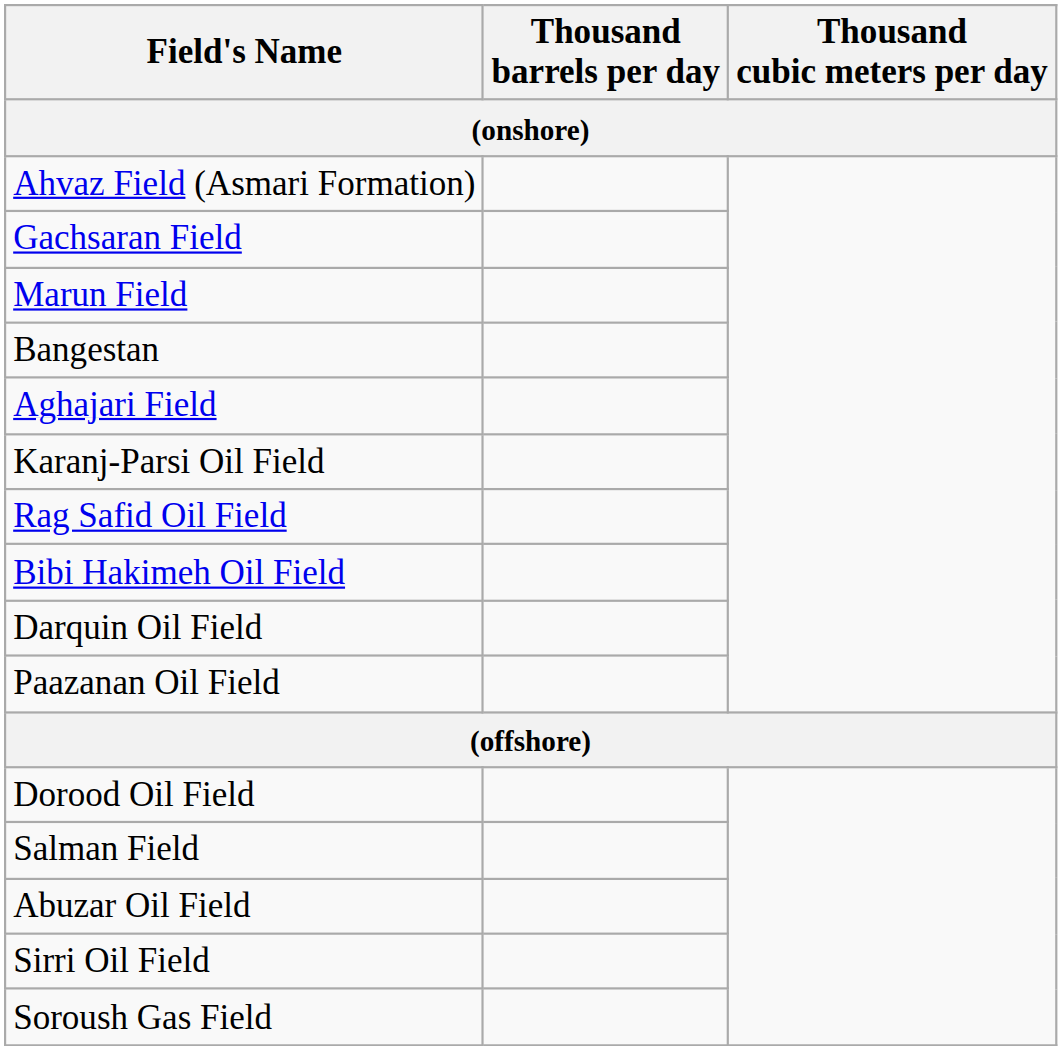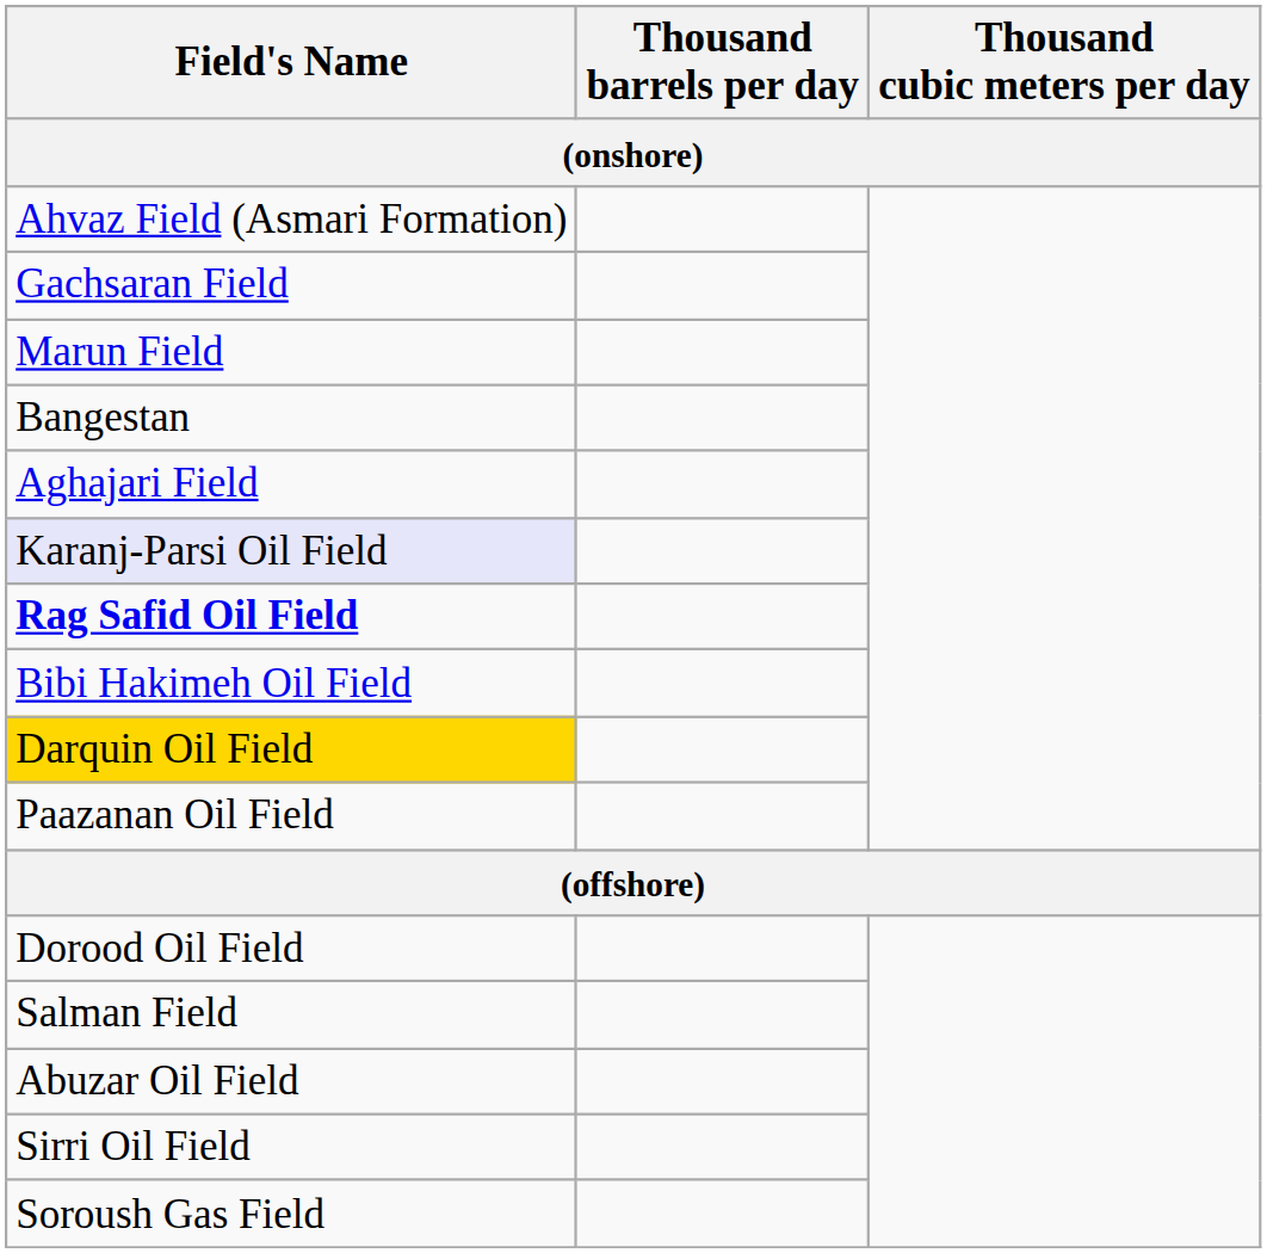 <table class="wikitable">
 <tr>
 <th>Field's Name</th>
 <th>Thousand<br>barrels per day</th>
 <th>Thousand<br>cubic meters per day</th>
 </tr>
 <tr>
 <th colspan=3><small>(onshore)</small></th>
 </tr>
 <tr>
 <td><a href='#'>Ahvaz Field</a> (Asmari Formation)</td>
 <td></td>
 </tr>
 <tr>
 <td><a href='#'>Gachsaran Field</a></td>
 <td></td>
 </tr>
 <tr>
 <td><a href='#'>Marun Field</a></td>
 <td></td>
 </tr>
 <tr>
 <td>Bangestan</td>
 <td></td>
 </tr>
 <tr>
 <td><a href='#'>Aghajari Field</a></td>
 <td></td>
 </tr>
 <tr>
-<td>Karanj-Parsi Oil Field</td>
+<td style="background: lavender;">Karanj-Parsi Oil Field</td>
 <td></td>
 </tr>
 <tr>
-<td><a href='#'>Rag Safid Oil Field</a></td>
+<td><strong><a href='#'>Rag Safid Oil Field</a></strong></td>
 <td></td>
 </tr>
 <tr>
 <td><a href='#'>Bibi Hakimeh Oil Field</a></td>
 <td></td>
 </tr>
 <tr>
-<td>Darquin Oil Field</td>
+<td style="background: gold;">Darquin Oil Field</td>
 <td></td>
 </tr>
 <tr>
 <td>Paazanan Oil Field</td>
 <td></td>
 </tr>
 <tr>
 <th colspan=3><small>(offshore)</small></th>
 </tr>
 <tr>
 <td>Dorood Oil Field</td>
 <td></td>
 </tr>
 <tr>
 <td>Salman Field</td>
 <td></td>
 </tr>
 <tr>
 <td>Abuzar Oil Field</td>
 <td></td>
 </tr>
 <tr>
 <td>Sirri Oil Field</td>
 <td></td>
 </tr>
 <tr>
 <td>Soroush Gas Field</td>
 <td></td>
 </tr>
 </table>
